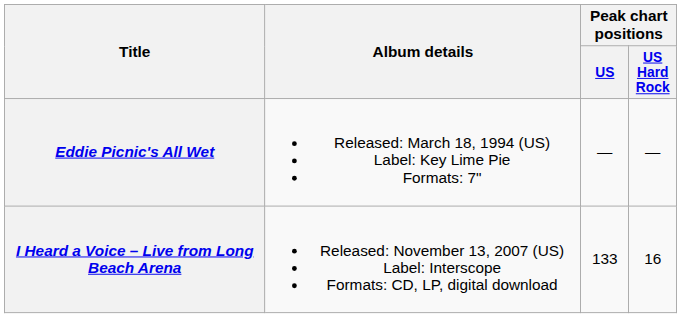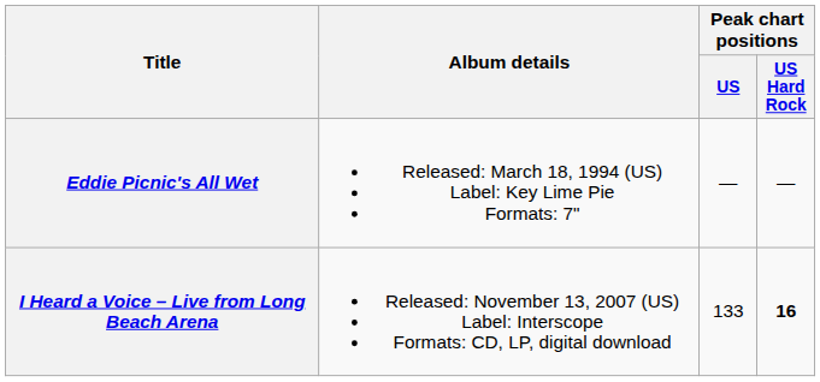 <table class="wikitable plainrowheaders" style="text-align:center;">
 <tr>
 <th scope="col" rowspan="2" style="width:16.5em;">Title</th>
 <th scope="col" rowspan="2" style="width:20.1em;">Album details</th>
 <th scope="col" colspan="2">Peak chart positions</th>
 </tr>
 <tr>
 <th scope="col" style="width:3em;font-size:90%;"><a href='#'>US</a><br></th>
 <th scope="col" style="width:3em;font-size:90%;"><a href='#'>US<br>Hard<br>Rock</a><br></th>
 </tr>
 <tr>
 <th scope="row"><em><a href='#'>Eddie Picnic's All Wet</a></em></th>
 <td><br><ul><li>Released: March 18, 1994 <span>(US)</span></li><li>Label: Key Lime Pie</li><li>Formats: 7"</li></ul></td>
 <td>—</td>
 <td>—</td>
 </tr>
 <tr>
 <th scope="row"><em><a href='#'>I Heard a Voice – Live from Long Beach Arena</a></em></th>
 <td><br><ul><li>Released: November 13, 2007 <span>(US)</span></li><li>Label: Interscope</li><li>Formats: CD, LP, digital download</li></ul></td>
 <td>133</td>
-<td>16</td>
+<td><strong>16</strong></td>
 </tr>
 </table>
